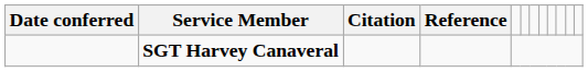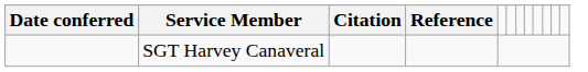 <table class="wikitable">
 <tr>
 <th>Date conferred</th>
 <th>Service Member</th>
 <th>Citation</th>
 <th>Reference</th>
 <td></td>
 <td></td>
 <td></td>
 <td></td>
 <td></td>
 <td></td>
 <td></td>
 <td></td>
 </tr>
 <tr>
 <td></td>
-<td><strong>SGT Harvey Canaveral</strong></td>
+<td>SGT Harvey Canaveral</td>
 <td></td>
 <td></td>
 </tr>
 </table>
